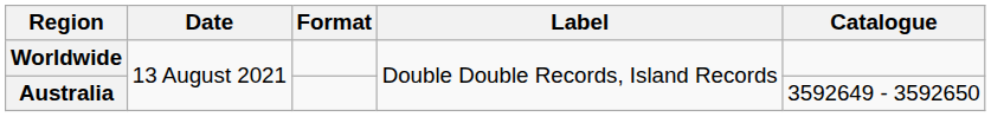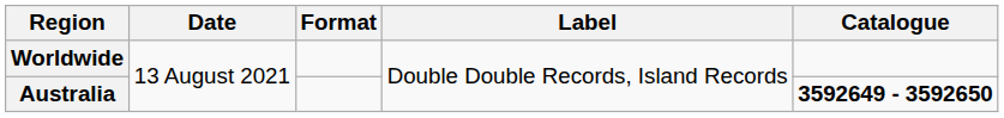 <table class="wikitable plainrowheaders">
 <tr>
 <th scope="col">Region</th>
 <th scope="col">Date</th>
 <th scope="col">Format</th>
 <th scope="col">Label</th>
 <th scope="col">Catalogue</th>
 </tr>
 <tr>
 <th scope="row">Worldwide</th>
 <td rowspan="2">13 August 2021</td>
 <td></td>
 <td rowspan="2">Double Double Records, Island Records</td>
 <td></td>
 </tr>
 <tr>
 <th scope="row">Australia</th>
 <td></td>
-<td>3592649 - 3592650</td>
+<td><strong>3592649 - 3592650</strong></td>
 </tr>
 </table>
